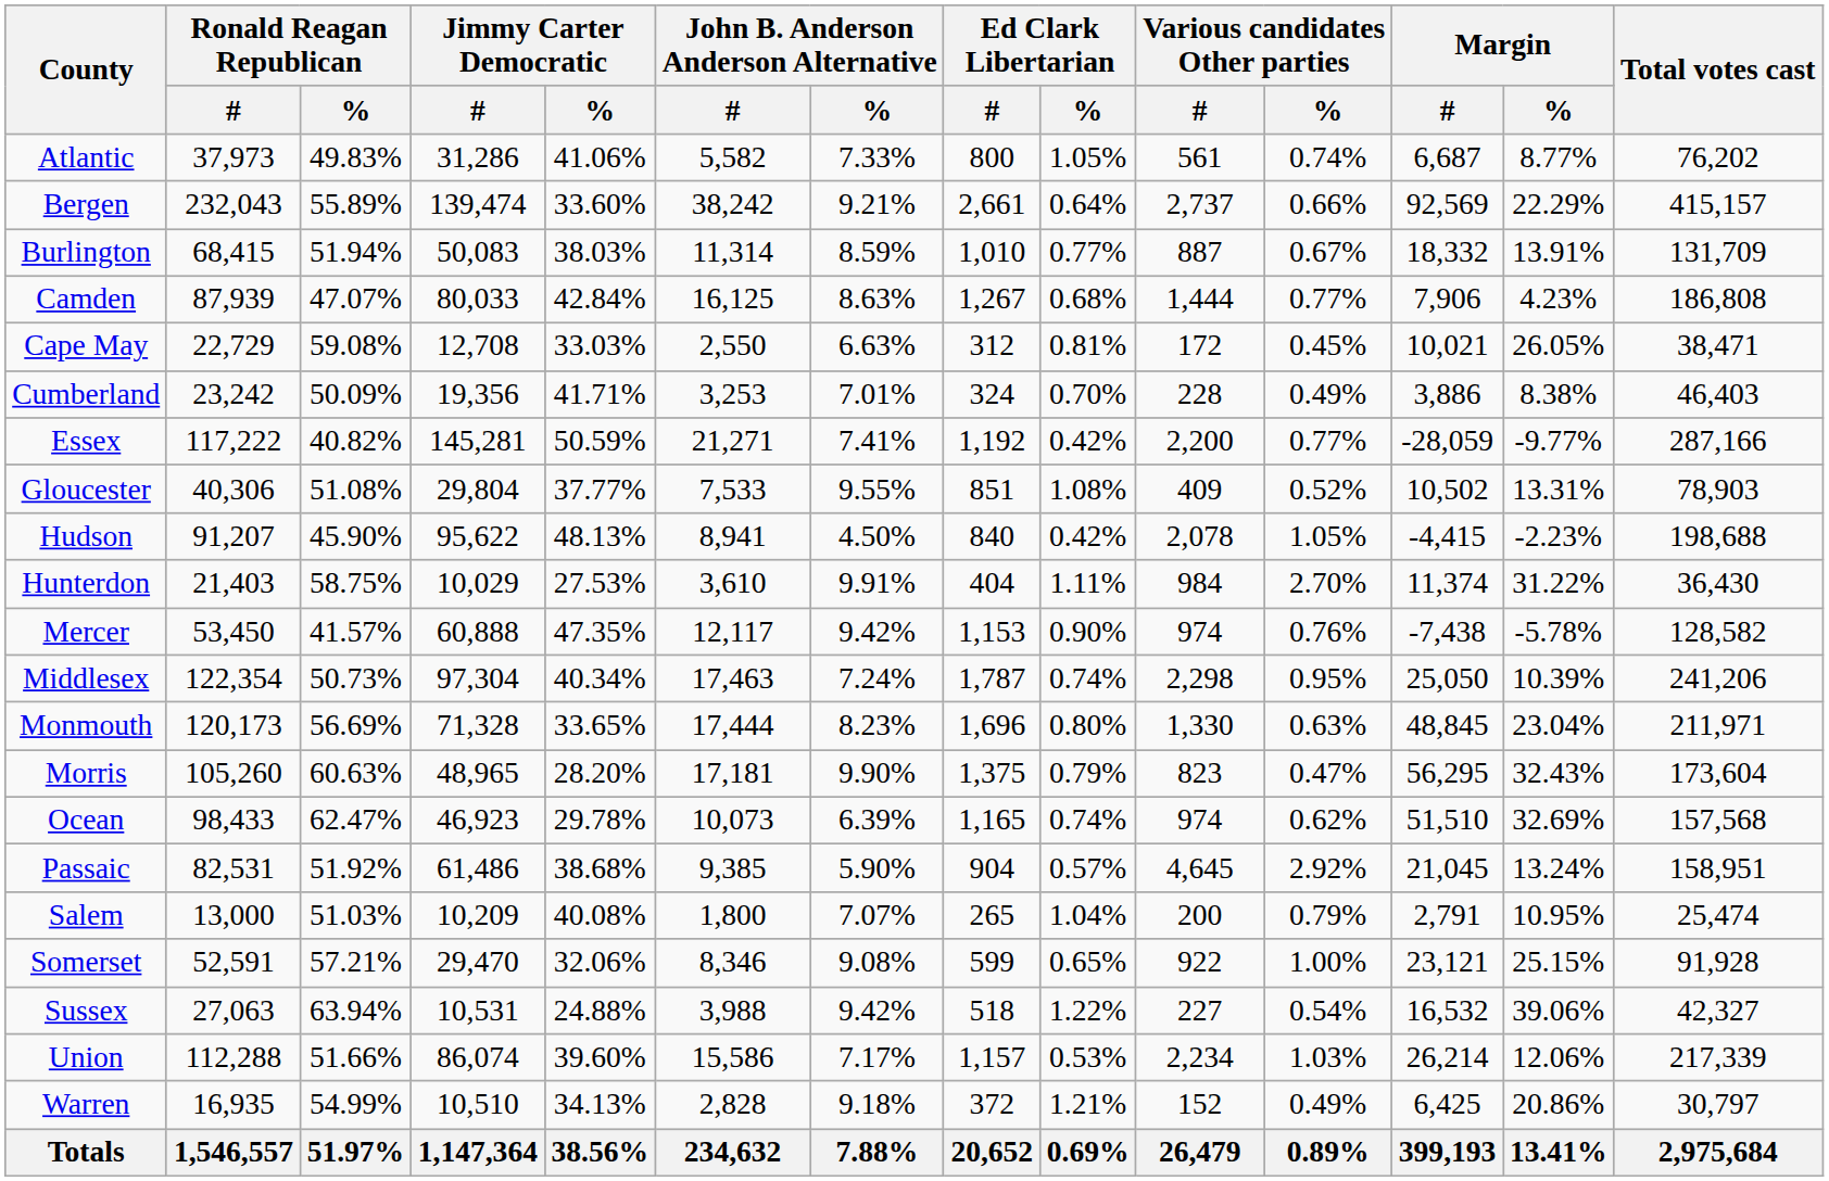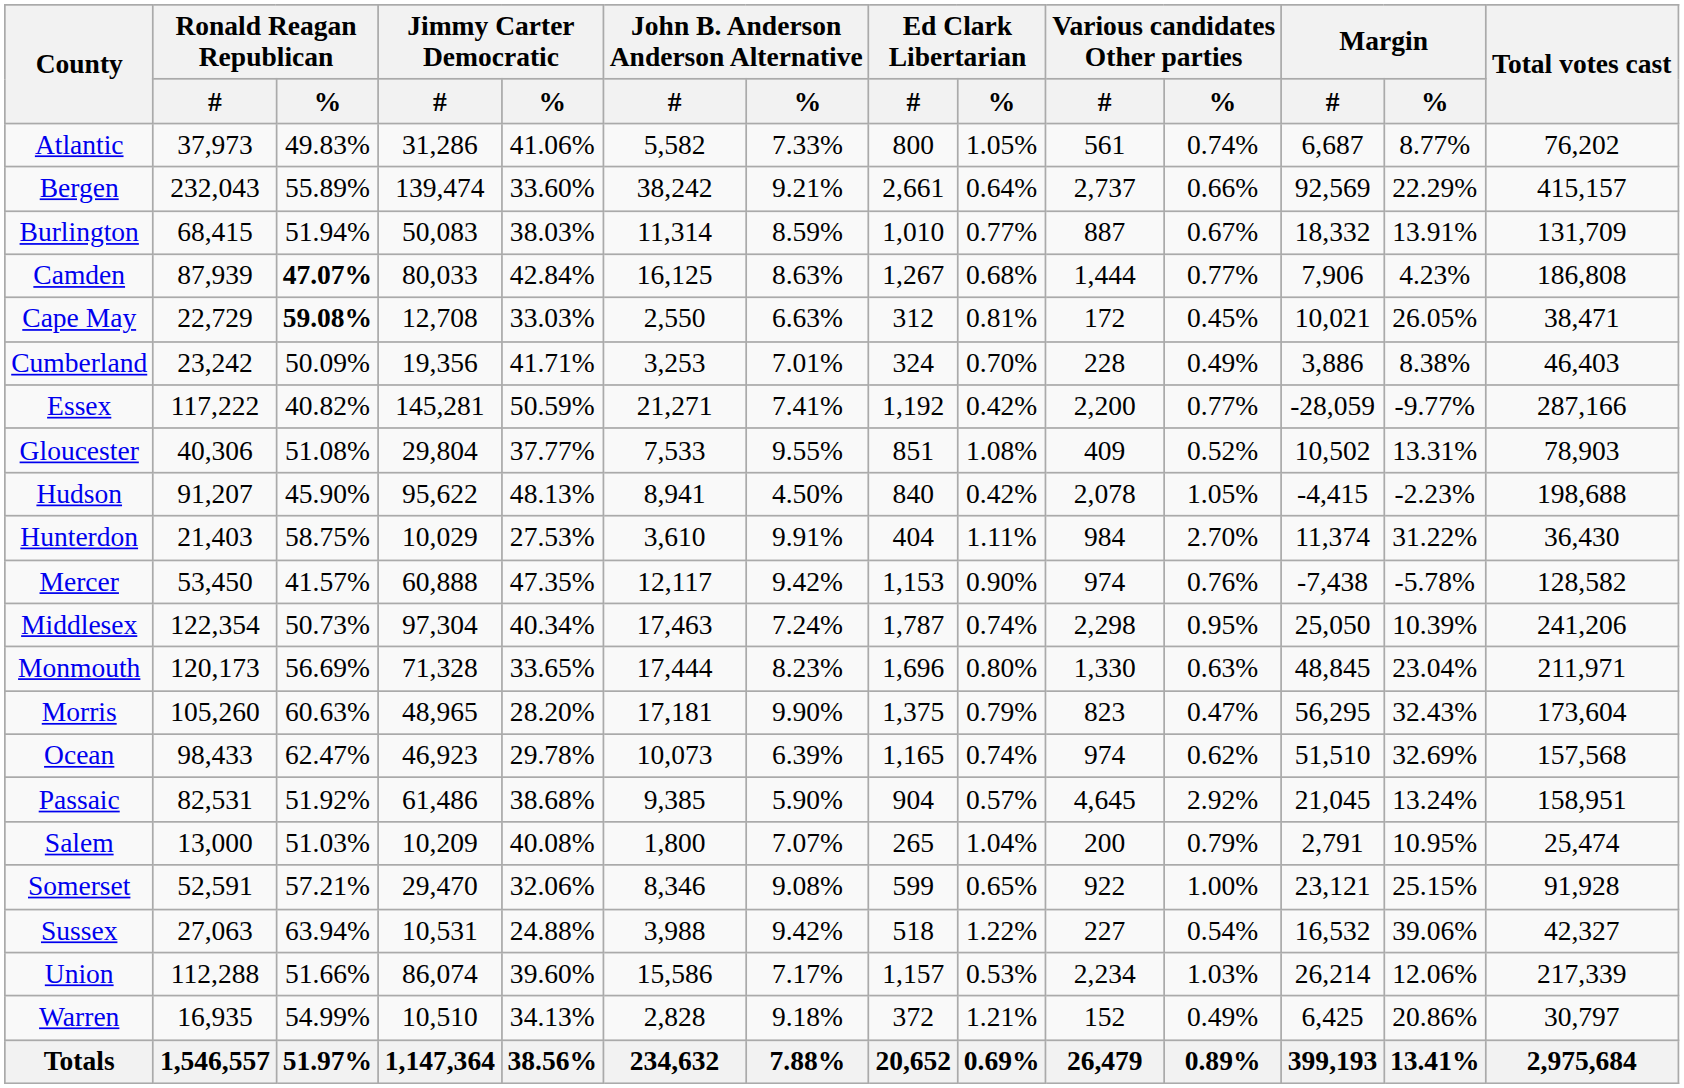 <table class="wikitable sortable" style="text-align:center">
 <tr>
 <th colspan="1" rowspan="2">County</th>
 <th colspan="2" style="text-align:center;">Ronald Reagan<br>Republican</th>
 <th colspan="2" style="text-align:center;">Jimmy Carter<br>Democratic</th>
 <th colspan="2" style="text-align:center;">John B. Anderson<br>Anderson Alternative</th>
 <th colspan="2" style="text-align:center;">Ed Clark<br>Libertarian</th>
 <th colspan="2" style="text-align:center;">Various candidates<br>Other parties</th>
 <th colspan="2" style="text-align:center;">Margin</th>
 <th colspan="1" rowspan="2" style="text-align:center;">Total votes cast</th>
 </tr>
 <tr>
 <th data-sort-type="number">#</th>
 <th data-sort-type="number">%</th>
 <th data-sort-type="number">#</th>
 <th data-sort-type="number">%</th>
 <th data-sort-type="number">#</th>
 <th data-sort-type="number">%</th>
 <th data-sort-type="number">#</th>
 <th data-sort-type="number">%</th>
 <th data-sort-type="number">#</th>
 <th data-sort-type="number">%</th>
 <th data-sort-type="number">#</th>
 <th data-sort-type="number">%</th>
 </tr>
 <tr style="text-align:center;">
 <td><a href='#'>Atlantic</a></td>
 <td>37,973</td>
 <td>49.83%</td>
 <td>31,286</td>
 <td>41.06%</td>
 <td>5,582</td>
 <td>7.33%</td>
 <td>800</td>
 <td>1.05%</td>
 <td>561</td>
 <td>0.74%</td>
 <td>6,687</td>
 <td>8.77%</td>
 <td>76,202</td>
 </tr>
 <tr style="text-align:center;">
 <td><a href='#'>Bergen</a></td>
 <td>232,043</td>
 <td>55.89%</td>
 <td>139,474</td>
 <td>33.60%</td>
 <td>38,242</td>
 <td>9.21%</td>
 <td>2,661</td>
 <td>0.64%</td>
 <td>2,737</td>
 <td>0.66%</td>
 <td>92,569</td>
 <td>22.29%</td>
 <td>415,157</td>
 </tr>
 <tr style="text-align:center;">
 <td><a href='#'>Burlington</a></td>
 <td>68,415</td>
 <td>51.94%</td>
 <td>50,083</td>
 <td>38.03%</td>
 <td>11,314</td>
 <td>8.59%</td>
 <td>1,010</td>
 <td>0.77%</td>
 <td>887</td>
 <td>0.67%</td>
 <td>18,332</td>
 <td>13.91%</td>
 <td>131,709</td>
 </tr>
 <tr style="text-align:center;">
 <td><a href='#'>Camden</a></td>
 <td>87,939</td>
-<td>47.07%</td>
+<td><strong>47.07%</strong></td>
 <td>80,033</td>
 <td>42.84%</td>
 <td>16,125</td>
 <td>8.63%</td>
 <td>1,267</td>
 <td>0.68%</td>
 <td>1,444</td>
 <td>0.77%</td>
 <td>7,906</td>
 <td>4.23%</td>
 <td>186,808</td>
 </tr>
 <tr style="text-align:center;">
 <td><a href='#'>Cape May</a></td>
 <td>22,729</td>
-<td>59.08%</td>
+<td><strong>59.08%</strong></td>
 <td>12,708</td>
 <td>33.03%</td>
 <td>2,550</td>
 <td>6.63%</td>
 <td>312</td>
 <td>0.81%</td>
 <td>172</td>
 <td>0.45%</td>
 <td>10,021</td>
 <td>26.05%</td>
 <td>38,471</td>
 </tr>
 <tr style="text-align:center;">
 <td><a href='#'>Cumberland</a></td>
 <td>23,242</td>
 <td>50.09%</td>
 <td>19,356</td>
 <td>41.71%</td>
 <td>3,253</td>
 <td>7.01%</td>
 <td>324</td>
 <td>0.70%</td>
 <td>228</td>
 <td>0.49%</td>
 <td>3,886</td>
 <td>8.38%</td>
 <td>46,403</td>
 </tr>
 <tr style="text-align:center;">
 <td><a href='#'>Essex</a></td>
 <td>117,222</td>
 <td>40.82%</td>
 <td>145,281</td>
 <td>50.59%</td>
 <td>21,271</td>
 <td>7.41%</td>
 <td>1,192</td>
 <td>0.42%</td>
 <td>2,200</td>
 <td>0.77%</td>
 <td>-28,059</td>
 <td>-9.77%</td>
 <td>287,166</td>
 </tr>
 <tr style="text-align:center;">
 <td><a href='#'>Gloucester</a></td>
 <td>40,306</td>
 <td>51.08%</td>
 <td>29,804</td>
 <td>37.77%</td>
 <td>7,533</td>
 <td>9.55%</td>
 <td>851</td>
 <td>1.08%</td>
 <td>409</td>
 <td>0.52%</td>
 <td>10,502</td>
 <td>13.31%</td>
 <td>78,903</td>
 </tr>
 <tr style="text-align:center;">
 <td><a href='#'>Hudson</a></td>
 <td>91,207</td>
 <td>45.90%</td>
 <td>95,622</td>
 <td>48.13%</td>
 <td>8,941</td>
 <td>4.50%</td>
 <td>840</td>
 <td>0.42%</td>
 <td>2,078</td>
 <td>1.05%</td>
 <td>-4,415</td>
 <td>-2.23%</td>
 <td>198,688</td>
 </tr>
 <tr style="text-align:center;">
 <td><a href='#'>Hunterdon</a></td>
 <td>21,403</td>
 <td>58.75%</td>
 <td>10,029</td>
 <td>27.53%</td>
 <td>3,610</td>
 <td>9.91%</td>
 <td>404</td>
 <td>1.11%</td>
 <td>984</td>
 <td>2.70%</td>
 <td>11,374</td>
 <td>31.22%</td>
 <td>36,430</td>
 </tr>
 <tr style="text-align:center;">
 <td><a href='#'>Mercer</a></td>
 <td>53,450</td>
 <td>41.57%</td>
 <td>60,888</td>
 <td>47.35%</td>
 <td>12,117</td>
 <td>9.42%</td>
 <td>1,153</td>
 <td>0.90%</td>
 <td>974</td>
 <td>0.76%</td>
 <td>-7,438</td>
 <td>-5.78%</td>
 <td>128,582</td>
 </tr>
 <tr style="text-align:center;">
 <td><a href='#'>Middlesex</a></td>
 <td>122,354</td>
 <td>50.73%</td>
 <td>97,304</td>
 <td>40.34%</td>
 <td>17,463</td>
 <td>7.24%</td>
 <td>1,787</td>
 <td>0.74%</td>
 <td>2,298</td>
 <td>0.95%</td>
 <td>25,050</td>
 <td>10.39%</td>
 <td>241,206</td>
 </tr>
 <tr style="text-align:center;">
 <td><a href='#'>Monmouth</a></td>
 <td>120,173</td>
 <td>56.69%</td>
 <td>71,328</td>
 <td>33.65%</td>
 <td>17,444</td>
 <td>8.23%</td>
 <td>1,696</td>
 <td>0.80%</td>
 <td>1,330</td>
 <td>0.63%</td>
 <td>48,845</td>
 <td>23.04%</td>
 <td>211,971</td>
 </tr>
 <tr style="text-align:center;">
 <td><a href='#'>Morris</a></td>
 <td>105,260</td>
 <td>60.63%</td>
 <td>48,965</td>
 <td>28.20%</td>
 <td>17,181</td>
 <td>9.90%</td>
 <td>1,375</td>
 <td>0.79%</td>
 <td>823</td>
 <td>0.47%</td>
 <td>56,295</td>
 <td>32.43%</td>
 <td>173,604</td>
 </tr>
 <tr style="text-align:center;">
 <td><a href='#'>Ocean</a></td>
 <td>98,433</td>
 <td>62.47%</td>
 <td>46,923</td>
 <td>29.78%</td>
 <td>10,073</td>
 <td>6.39%</td>
 <td>1,165</td>
 <td>0.74%</td>
 <td>974</td>
 <td>0.62%</td>
 <td>51,510</td>
 <td>32.69%</td>
 <td>157,568</td>
 </tr>
 <tr style="text-align:center;">
 <td><a href='#'>Passaic</a></td>
 <td>82,531</td>
 <td>51.92%</td>
 <td>61,486</td>
 <td>38.68%</td>
 <td>9,385</td>
 <td>5.90%</td>
 <td>904</td>
 <td>0.57%</td>
 <td>4,645</td>
 <td>2.92%</td>
 <td>21,045</td>
 <td>13.24%</td>
 <td>158,951</td>
 </tr>
 <tr style="text-align:center;">
 <td><a href='#'>Salem</a></td>
 <td>13,000</td>
 <td>51.03%</td>
 <td>10,209</td>
 <td>40.08%</td>
 <td>1,800</td>
 <td>7.07%</td>
 <td>265</td>
 <td>1.04%</td>
 <td>200</td>
 <td>0.79%</td>
 <td>2,791</td>
 <td>10.95%</td>
 <td>25,474</td>
 </tr>
 <tr style="text-align:center;">
 <td><a href='#'>Somerset</a></td>
 <td>52,591</td>
 <td>57.21%</td>
 <td>29,470</td>
 <td>32.06%</td>
 <td>8,346</td>
 <td>9.08%</td>
 <td>599</td>
 <td>0.65%</td>
 <td>922</td>
 <td>1.00%</td>
 <td>23,121</td>
 <td>25.15%</td>
 <td>91,928</td>
 </tr>
 <tr style="text-align:center;">
 <td><a href='#'>Sussex</a></td>
 <td>27,063</td>
 <td>63.94%</td>
 <td>10,531</td>
 <td>24.88%</td>
 <td>3,988</td>
 <td>9.42%</td>
 <td>518</td>
 <td>1.22%</td>
 <td>227</td>
 <td>0.54%</td>
 <td>16,532</td>
 <td>39.06%</td>
 <td>42,327</td>
 </tr>
 <tr style="text-align:center;">
 <td><a href='#'>Union</a></td>
 <td>112,288</td>
 <td>51.66%</td>
 <td>86,074</td>
 <td>39.60%</td>
 <td>15,586</td>
 <td>7.17%</td>
 <td>1,157</td>
 <td>0.53%</td>
 <td>2,234</td>
 <td>1.03%</td>
 <td>26,214</td>
 <td>12.06%</td>
 <td>217,339</td>
 </tr>
 <tr style="text-align:center;">
 <td><a href='#'>Warren</a></td>
 <td>16,935</td>
 <td>54.99%</td>
 <td>10,510</td>
 <td>34.13%</td>
 <td>2,828</td>
 <td>9.18%</td>
 <td>372</td>
 <td>1.21%</td>
 <td>152</td>
 <td>0.49%</td>
 <td>6,425</td>
 <td>20.86%</td>
 <td>30,797</td>
 </tr>
 <tr style="text-align:center;">
 <th>Totals</th>
 <th>1,546,557</th>
 <th>51.97%</th>
 <th>1,147,364</th>
 <th>38.56%</th>
 <th>234,632</th>
 <th>7.88%</th>
 <th>20,652</th>
 <th>0.69%</th>
 <th>26,479</th>
 <th>0.89%</th>
 <th>399,193</th>
 <th>13.41%</th>
 <th>2,975,684</th>
 </tr>
 </table>
